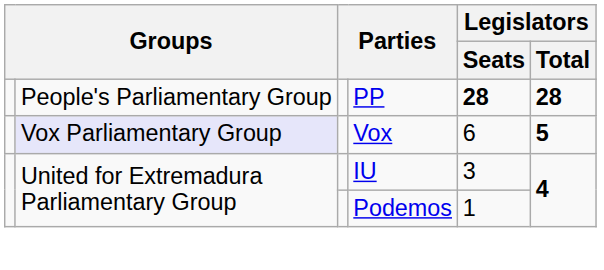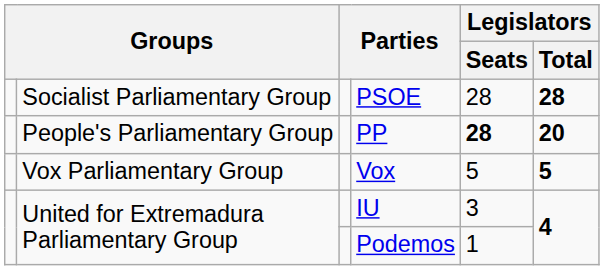 <table class="wikitable" style="text-align:left;">
 <tr>
 <th rowspan="2" colspan="2">Groups</th>
 <th rowspan="2" colspan="2">Parties</th>
 <th colspan="2">Legislators</th>
 </tr>
 <tr>
 <th>Seats</th>
 <th>Total</th>
 </tr>
 <tr>
+<td width="1" style="color:inherit;background:"></td>
+<td>Socialist Parliamentary Group</td>
+<td width="1" style="color:inherit;background:"></td>
+<td><a href='#'>PSOE</a></td>
+<td>28</td>
+<td><strong>28</strong></td>
+</tr>
+<tr>
 <td style="color:inherit;background:"></td>
 <td>People's Parliamentary Group</td>
 <td style="color:inherit;background:"></td>
 <td><a href='#'>PP</a></td>
 <td><strong>28</strong></td>
-<td><strong>28</strong></td>
+<td><strong>20</strong></td>
 </tr>
 <tr>
 <td style="color:inherit;background:"></td>
-<td style="background: lavender;">Vox Parliamentary Group</td>
+<td>Vox Parliamentary Group</td>
 <td style="color:inherit;background:"></td>
 <td><a href='#'>Vox</a></td>
-<td>6</td>
+<td>5</td>
 <td><strong>5</strong></td>
 </tr>
 <tr>
 <td rowspan="2" style="color:inherit;background:"></td>
 <td rowspan="2">United for Extremadura<br>Parliamentary Group</td>
 <td style="color:inherit;background:"></td>
 <td><a href='#'>IU</a></td>
 <td>3</td>
 <td rowspan="2"><strong>4</strong></td>
 </tr>
 <tr>
 <td style="color:inherit;background:"></td>
 <td><a href='#'>Podemos</a></td>
 <td>1</td>
 </tr>
 </table>
